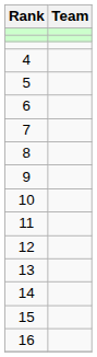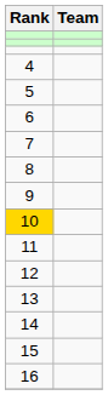 <table class="wikitable" style="text-align: center;">
 <tr>
 <th width=40>Rank</th>
 <th>Team</th>
 </tr>
 <tr bgcolor=#ccffcc>
 <td></td>
 <td align=left></td>
 </tr>
 <tr bgcolor=#ccffcc>
 <td></td>
 <td align=left></td>
 </tr>
 <tr>
 <td></td>
 <td align=left></td>
 </tr>
 <tr>
 <td>4</td>
 <td align=left></td>
 </tr>
 <tr>
 <td>5</td>
 <td align=left></td>
 </tr>
 <tr>
 <td>6</td>
 <td align=left></td>
 </tr>
 <tr>
 <td>7</td>
 <td align=left></td>
 </tr>
 <tr>
 <td>8</td>
 <td align=left></td>
 </tr>
 <tr>
 <td>9</td>
 <td align=left></td>
 </tr>
 <tr>
-<td>10</td>
+<td style="background: gold;">10</td>
 <td align=left></td>
 </tr>
 <tr>
 <td>11</td>
 <td align=left></td>
 </tr>
 <tr>
 <td>12</td>
 <td align=left></td>
 </tr>
 <tr>
 <td>13</td>
 <td align=left></td>
 </tr>
 <tr>
 <td>14</td>
 <td align=left></td>
 </tr>
 <tr>
 <td>15</td>
 <td align=left></td>
 </tr>
 <tr>
 <td>16</td>
 <td align=left></td>
 </tr>
 <tr>
 </tr>
 </table>
